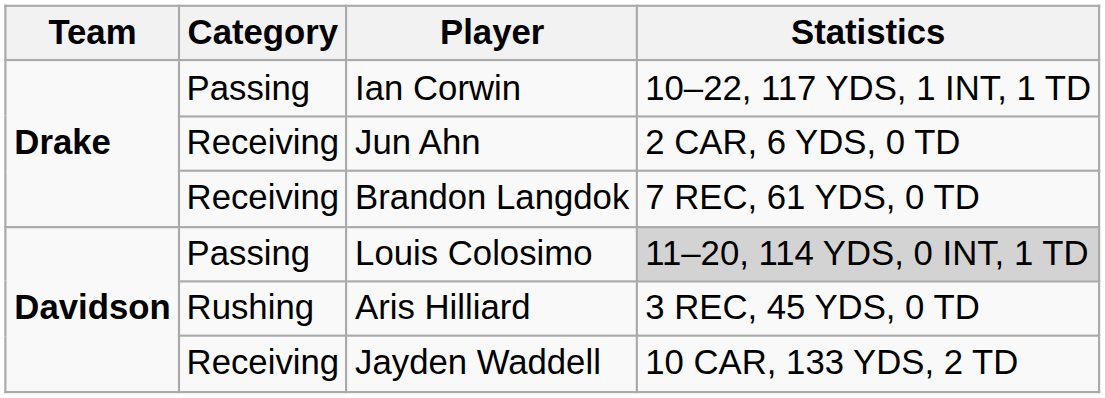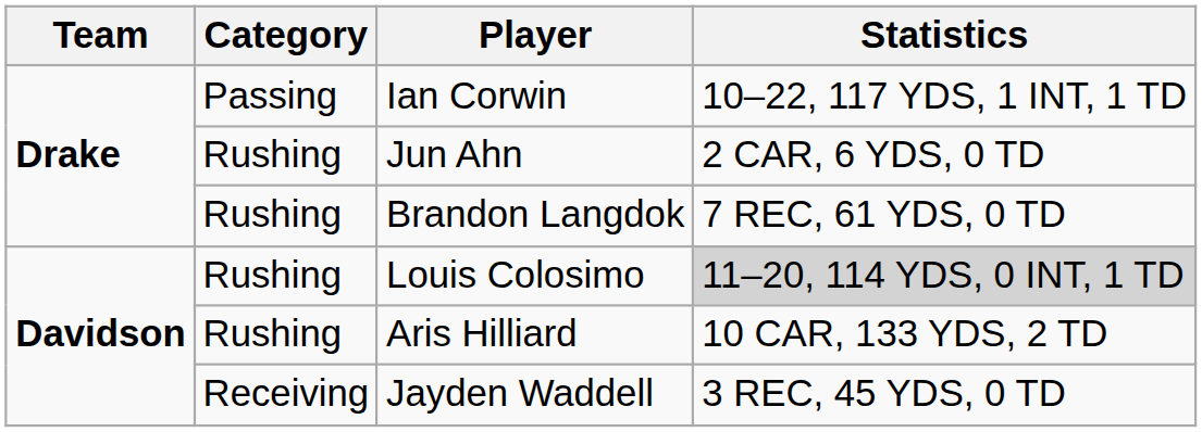 <table class="wikitable" style="float: right;">
 <tr>
 <th>Team</th>
 <th>Category</th>
 <th>Player</th>
 <th>Statistics</th>
 </tr>
 <tr>
 <td rowspan=3><strong>Drake</strong></td>
 <td>Passing</td>
 <td>Ian Corwin</td>
 <td>10–22, 117 YDS, 1 INT, 1 TD</td>
 </tr>
 <tr>
-<td>Receiving</td>
+<td>Rushing</td>
 <td>Jun Ahn</td>
 <td>2 CAR, 6 YDS, 0 TD</td>
 </tr>
 <tr>
-<td>Receiving</td>
+<td>Rushing</td>
 <td>Brandon Langdok</td>
 <td>7 REC, 61 YDS, 0 TD</td>
 </tr>
 <tr>
 <td rowspan=3><strong>Davidson</strong></td>
-<td>Passing</td>
+<td>Rushing</td>
 <td>Louis Colosimo</td>
 <td style="background: lightgrey;">11–20, 114 YDS, 0 INT, 1 TD</td>
 </tr>
 <tr>
 <td>Rushing</td>
 <td>Aris Hilliard</td>
-<td>3 REC, 45 YDS, 0 TD</td>
+<td>10 CAR, 133 YDS, 2 TD</td>
 </tr>
 <tr>
 <td>Receiving</td>
 <td>Jayden Waddell</td>
-<td>10 CAR, 133 YDS, 2 TD</td>
+<td>3 REC, 45 YDS, 0 TD</td>
 </tr>
 </table>
